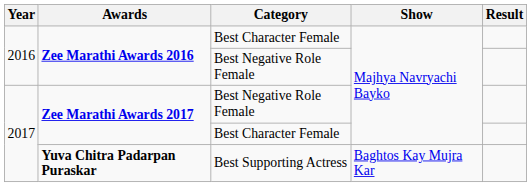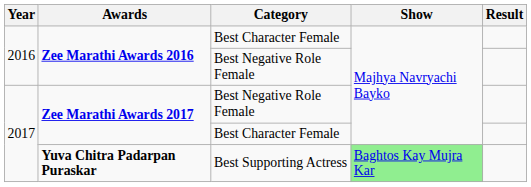 <table class="wikitable sortable">
 <tr>
 <th>Year</th>
 <th>Awards</th>
 <th>Category</th>
 <th>Show</th>
 <th>Result</th>
 </tr>
 <tr>
 <td rowspan="2">2016</td>
 <td rowspan="2"><strong><a href='#'>Zee Marathi Awards 2016</a></strong></td>
 <td>Best Character Female</td>
 <td rowspan="4"><a href='#'>Majhya Navryachi Bayko</a></td>
 <td></td>
 </tr>
 <tr>
 <td>Best Negative Role Female</td>
 <td></td>
 </tr>
 <tr>
 <td rowspan="3">2017</td>
 <td rowspan="2"><strong><a href='#'>Zee Marathi Awards 2017</a></strong></td>
 <td>Best Negative Role Female</td>
 <td></td>
 </tr>
 <tr>
 <td>Best Character Female</td>
 <td></td>
 </tr>
 <tr>
 <td><strong>Yuva Chitra Padarpan Puraskar</strong></td>
 <td>Best Supporting Actress</td>
-<td><a href='#'>Baghtos Kay Mujra Kar</a></td>
+<td style="background: lightgreen;"><a href='#'>Baghtos Kay Mujra Kar</a></td>
 <td></td>
 </tr>
 </table>
